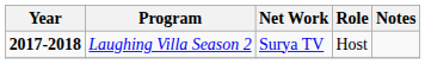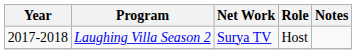 <table class="wikitable">
 <tr>
 <th>Year</th>
 <th>Program</th>
 <th>Net Work</th>
 <th>Role</th>
 <th>Notes</th>
 </tr>
 <tr>
-<td><strong>2017-2018</strong></td>
+<td>2017-2018</td>
 <td><em><a href='#'>Laughing Villa Season 2</a></em></td>
 <td><a href='#'>Surya TV</a></td>
 <td>Host</td>
 <td></td>
 </tr>
 <tr>
 </tr>
 </table>
